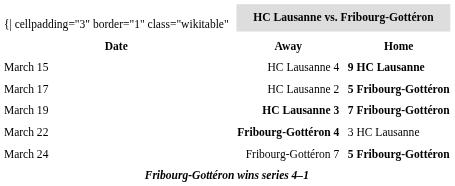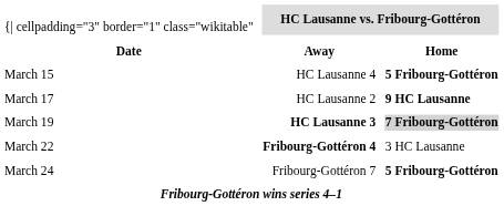 <table cellspacing="10">
 <tr>
 <td valign="top"><br>	{| cellpadding="3" border="1"  class="wikitable"</td>
 <th bgcolor="#DDDDDD" colspan="4">HC Lausanne vs. Fribourg-Gottéron</th>
 </tr>
 <tr>
 <th>Date</th>
 <th>Away</th>
 <th>Home</th>
 </tr>
 <tr>
 <td>March 15</td>
 <td align = "right">HC Lausanne 4</td>
-<td><strong>9 HC Lausanne</strong></td>
+<td><strong>5 Fribourg-Gottéron</strong></td>
 </tr>
 <tr>
 <td>March 17</td>
 <td align = "right">HC Lausanne 2</td>
-<td><strong>5 Fribourg-Gottéron</strong></td>
+<td><strong>9 HC Lausanne</strong></td>
 </tr>
 <tr>
 <td>March 19</td>
 <td align = "right"><strong>HC Lausanne 3</strong></td>
-<td><strong>7 Fribourg-Gottéron</strong></td>
+<td style="background: lightgrey;"><strong>7 Fribourg-Gottéron</strong></td>
 </tr>
 <tr>
 <td>March 22</td>
 <td align = "right"><strong>Fribourg-Gottéron 4</strong></td>
 <td>3 HC Lausanne</td>
 </tr>
 <tr>
 <td>March 24</td>
 <td align = "right">Fribourg-Gottéron 7</td>
 <td><strong>5 Fribourg-Gottéron</strong></td>
 </tr>
 <tr align="center">
 <td colspan="4"><strong><em>Fribourg-Gottéron wins series 4–1</em></strong></td>
 </tr>
 </table>
